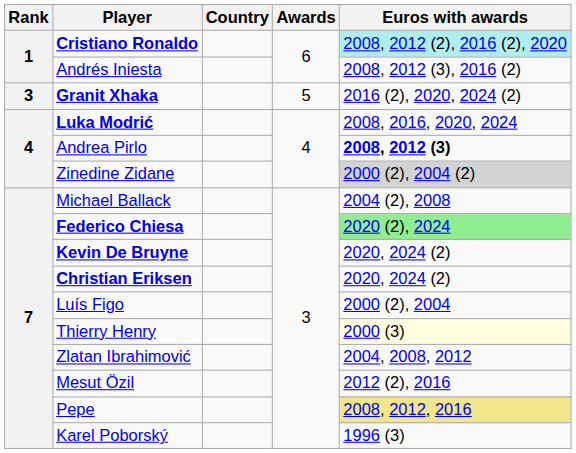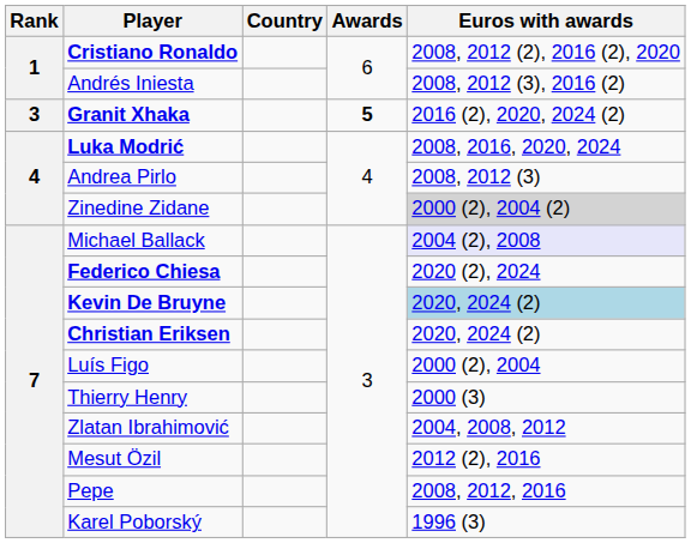 <table class="wikitable">
 <tr>
 <th>Rank</th>
 <th>Player</th>
 <th>Country</th>
 <th>Awards</th>
 <th>Euros with awards</th>
 </tr>
 <tr>
 <th rowspan=2>1</th>
 <td><strong><a href='#'>Cristiano Ronaldo</a></strong></td>
 <td></td>
 <td align=center rowspan=2>6</td>
-<td style="background: paleturquoise;"><a href='#'>2008</a>, <a href='#'>2012</a> (2), <a href='#'>2016</a> (2), <a href='#'>2020</a></td>
+<td><a href='#'>2008</a>, <a href='#'>2012</a> (2), <a href='#'>2016</a> (2), <a href='#'>2020</a></td>
 </tr>
 <tr>
 <td><a href='#'>Andrés Iniesta</a></td>
 <td></td>
 <td><a href='#'>2008</a>, <a href='#'>2012</a> (3), <a href='#'>2016</a> (2)</td>
 </tr>
 <tr>
 <th>3</th>
 <td><strong><a href='#'>Granit Xhaka</a></strong></td>
 <td></td>
-<td align=center>5</td>
+<td align=center><strong>5</strong></td>
 <td><a href='#'>2016</a> (2), <a href='#'>2020</a>, <a href='#'>2024</a> (2)</td>
 </tr>
 <tr>
 <th rowspan=3>4</th>
 <td><strong><a href='#'>Luka Modrić</a></strong></td>
 <td></td>
 <td align=center rowspan=3>4</td>
 <td><a href='#'>2008</a>, <a href='#'>2016</a>, <a href='#'>2020</a>, <a href='#'>2024</a></td>
 </tr>
 <tr>
 <td><a href='#'>Andrea Pirlo</a></td>
 <td></td>
-<td><strong><a href='#'>2008</a>, <a href='#'>2012</a> (3)</strong></td>
+<td><a href='#'>2008</a>, <a href='#'>2012</a> (3)</td>
 </tr>
 <tr>
 <td><a href='#'>Zinedine Zidane</a></td>
 <td></td>
 <td style="background: lightgrey;"><a href='#'>2000</a> (2), <a href='#'>2004</a> (2)</td>
 </tr>
 <tr>
 <th rowspan=10>7</th>
 <td><a href='#'>Michael Ballack</a></td>
 <td></td>
 <td align=center rowspan=10>3</td>
-<td><a href='#'>2004</a> (2), <a href='#'>2008</a></td>
+<td style="background: lavender;"><a href='#'>2004</a> (2), <a href='#'>2008</a></td>
 </tr>
 <tr>
 <td><strong><a href='#'>Federico Chiesa</a></strong></td>
 <td></td>
-<td style="background: lightgreen;"><a href='#'>2020</a> (2), <a href='#'>2024</a></td>
+<td><a href='#'>2020</a> (2), <a href='#'>2024</a></td>
 </tr>
 <tr>
 <td><strong><a href='#'>Kevin De Bruyne</a></strong></td>
 <td></td>
-<td><a href='#'>2020</a>, <a href='#'>2024</a> (2)</td>
+<td style="background: lightblue;"><a href='#'>2020</a>, <a href='#'>2024</a> (2)</td>
 </tr>
 <tr>
 <td><strong><a href='#'>Christian Eriksen</a></strong></td>
 <td></td>
 <td><a href='#'>2020</a>, <a href='#'>2024</a> (2)</td>
 </tr>
 <tr>
 <td><a href='#'>Luís Figo</a></td>
 <td></td>
 <td><a href='#'>2000</a> (2), <a href='#'>2004</a></td>
 </tr>
 <tr>
 <td><a href='#'>Thierry Henry</a></td>
 <td></td>
-<td style="background: lightyellow;"><a href='#'>2000</a> (3)</td>
+<td><a href='#'>2000</a> (3)</td>
 </tr>
 <tr>
 <td><a href='#'>Zlatan Ibrahimović</a></td>
 <td></td>
 <td><a href='#'>2004</a>, <a href='#'>2008</a>, <a href='#'>2012</a></td>
 </tr>
 <tr>
 <td><a href='#'>Mesut Özil</a></td>
 <td></td>
 <td><a href='#'>2012</a> (2), <a href='#'>2016</a></td>
 </tr>
 <tr>
 <td><a href='#'>Pepe</a></td>
 <td></td>
-<td style="background: khaki;"><a href='#'>2008</a>, <a href='#'>2012</a>, <a href='#'>2016</a></td>
+<td><a href='#'>2008</a>, <a href='#'>2012</a>, <a href='#'>2016</a></td>
 </tr>
 <tr>
 <td><a href='#'>Karel Poborský</a></td>
 <td></td>
 <td><a href='#'>1996</a> (3)</td>
 </tr>
 </table>
